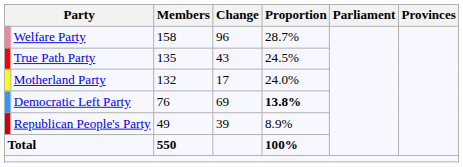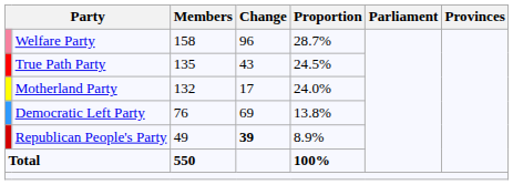 <table class=wikitable style="border:1px solid #8888aa; background-color:#f7f8ff; padding:0px; font-size:90%;">
 <tr>
 <th colspan="2">Party</th>
 <th>Members</th>
 <th>Change</th>
 <th>Proportion</th>
 <th>Parliament</th>
 <th>Provinces</th>
 </tr>
 <tr>
 <td style="background: #F7819F"></td>
 <td><a href='#'>Welfare Party</a></td>
 <td>158</td>
 <td>96</td>
 <td>28.7%</td>
 <td rowspan="6"></td>
 <td rowspan="6"><br></td>
 </tr>
 <tr>
 <td style="background: #ff0000"></td>
 <td><a href='#'>True Path Party</a></td>
 <td>135</td>
 <td>43</td>
 <td>24.5%</td>
 </tr>
 <tr>
 <td style="background: #ffff00"></td>
 <td><a href='#'>Motherland Party</a></td>
 <td>132</td>
 <td>17</td>
 <td>24.0%</td>
 </tr>
 <tr>
 <td style="background: #2E9AFE"></td>
 <td><a href='#'>Democratic Left Party</a></td>
 <td>76</td>
 <td>69</td>
-<td><strong>13.8%</strong></td>
+<td>13.8%</td>
 </tr>
 <tr>
 <td style="background: #d40000"></td>
 <td><a href='#'>Republican People's Party</a></td>
 <td>49</td>
-<td>39</td>
+<td><strong>39</strong></td>
 <td>8.9%</td>
 </tr>
 <tr>
 <td colspan="2"><strong>Total</strong></td>
 <td><strong>550</strong></td>
 <td></td>
 <td><strong>100%</strong></td>
 </tr>
 <tr>
 <td colspan="7"></td>
 </tr>
 </table>
